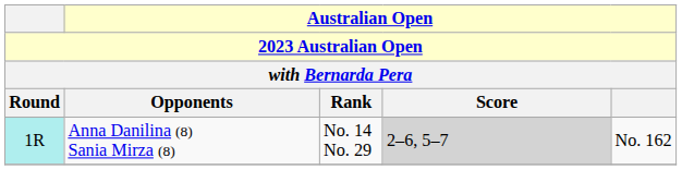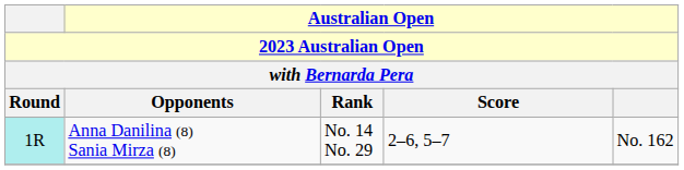 <table class="wikitable collapsible collapsed">
 <tr>
 <th></th>
 <th colspan=4 style="background:#ffc;"><a href='#'>Australian Open</a></th>
 </tr>
 <tr>
 <th colspan=5 style="background:#ffc;"><a href='#'>2023 Australian Open</a></th>
 </tr>
 <tr>
 <th colspan=5><em>with  <a href='#'>Bernarda Pera</a></em></th>
 </tr>
 <tr>
 <th>Round</th>
 <th width=225>Opponents</th>
 <th width=50>Rank</th>
 <th width=200>Score</th>
 <th></th>
 </tr>
 <tr>
 <td style="text-align:center; background:#afeeee;">1R</td>
 <td> <a href='#'>Anna Danilina</a> <small>(8)</small><br> <a href='#'>Sania Mirza</a> <small>(8)</small></td>
 <td>No. 14<br>No. 29</td>
-<td style="background: lightgrey;">2–6, 5–7</td>
+<td>2–6, 5–7</td>
 <td>No. 162</td>
 </tr>
 <tr>
 </tr>
 </table>
